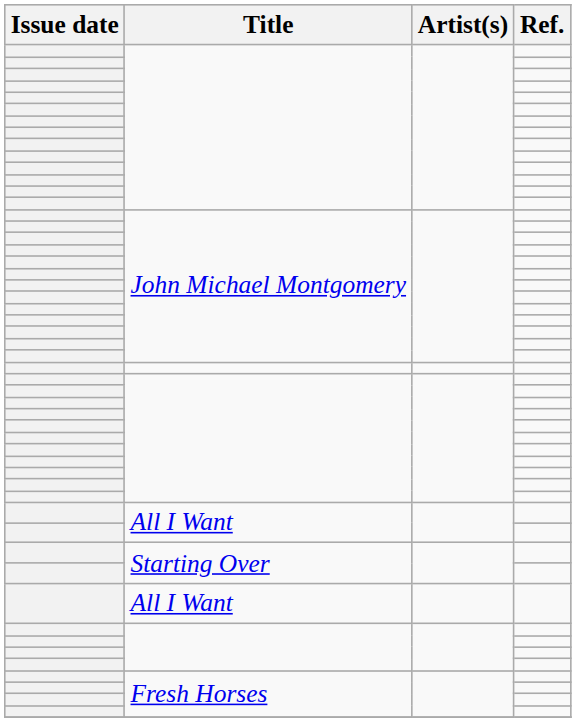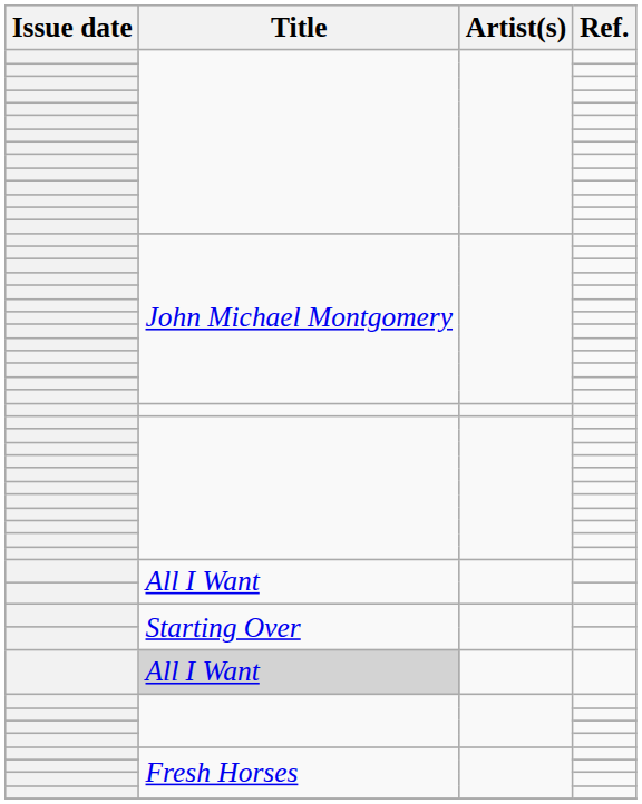 <table class="wikitable sortable plainrowheaders">
 <tr>
 <th scope=col>Issue date</th>
 <th scope=col>Title</th>
 <th scope=col>Artist(s)</th>
 <th scope=col class=unsortable>Ref.</th>
 </tr>
 <tr>
 <th scope=row></th>
 <td rowspan="14"><em></em></td>
 <td rowspan="14"></td>
 <td align=center></td>
 </tr>
 <tr>
 <th scope=row></th>
 <td align=center></td>
 </tr>
 <tr>
 <th scope=row></th>
 <td align=center></td>
 </tr>
 <tr>
 <th scope=row></th>
 <td align=center></td>
 </tr>
 <tr>
 <th scope=row></th>
 <td align=center></td>
 </tr>
 <tr>
 <th scope=row></th>
 <td align=center></td>
 </tr>
 <tr>
 <th scope=row></th>
 <td align=center></td>
 </tr>
 <tr>
 <th scope=row></th>
 <td align=center></td>
 </tr>
 <tr>
 <th scope=row></th>
 <td align=center></td>
 </tr>
 <tr>
 <th scope=row></th>
 <td align=center></td>
 </tr>
 <tr>
 <th scope=row></th>
 <td align=center></td>
 </tr>
 <tr>
 <th scope=row></th>
 <td align=center></td>
 </tr>
 <tr>
 <th scope=row></th>
 <td align=center></td>
 </tr>
 <tr>
 <th scope=row></th>
 <td align=center></td>
 </tr>
 <tr>
 <th scope=row></th>
 <td rowspan="13"><em><a href='#'>John Michael Montgomery</a></em></td>
 <td rowspan="13"></td>
 <td align=center></td>
 </tr>
 <tr>
 <th scope=row></th>
 <td align=center></td>
 </tr>
 <tr>
 <th scope=row></th>
 <td align=center></td>
 </tr>
 <tr>
 <th scope=row></th>
 <td align=center></td>
 </tr>
 <tr>
 <th scope=row></th>
 <td align=center></td>
 </tr>
 <tr>
 <th scope=row></th>
 <td align=center></td>
 </tr>
 <tr>
 <th scope=row></th>
 <td align=center></td>
 </tr>
 <tr>
 <th scope=row></th>
 <td align=center></td>
 </tr>
 <tr>
 <th scope=row></th>
 <td align=center></td>
 </tr>
 <tr>
 <th scope=row></th>
 <td align=center></td>
 </tr>
 <tr>
 <th scope=row></th>
 <td align=center></td>
 </tr>
 <tr>
 <th scope=row></th>
 <td align=center></td>
 </tr>
 <tr>
 <th scope=row></th>
 <td align=center></td>
 </tr>
 <tr>
 <th scope=row></th>
 <td><em></em></td>
 <td></td>
 <td align=center></td>
 </tr>
 <tr>
 <th scope=row></th>
 <td rowspan="11"><em></em></td>
 <td rowspan="11"></td>
 <td align=center></td>
 </tr>
 <tr>
 <th scope=row></th>
 <td align=center></td>
 </tr>
 <tr>
 <th scope=row></th>
 <td align=center></td>
 </tr>
 <tr>
 <th scope=row></th>
 <td align=center></td>
 </tr>
 <tr>
 <th scope=row></th>
 <td align=center></td>
 </tr>
 <tr>
 <th scope=row></th>
 <td align=center></td>
 </tr>
 <tr>
 <th scope=row></th>
 <td align=center></td>
 </tr>
 <tr>
 <th scope=row></th>
 <td align=center></td>
 </tr>
 <tr>
 <th scope=row></th>
 <td align=center></td>
 </tr>
 <tr>
 <th scope=row></th>
 <td align=center></td>
 </tr>
 <tr>
 <th scope=row></th>
 <td align=center></td>
 </tr>
 <tr>
 <th scope=row></th>
 <td rowspan="2"><em><a href='#'>All I Want</a></em></td>
 <td rowspan="2"></td>
 <td align=center></td>
 </tr>
 <tr>
 <th scope=row></th>
 <td align=center></td>
 </tr>
 <tr>
 <th scope=row></th>
 <td rowspan="2"><em><a href='#'>Starting Over</a></em></td>
 <td rowspan="2"></td>
 <td align=center></td>
 </tr>
 <tr>
 <th scope=row></th>
 <td align=center></td>
 </tr>
 <tr>
 <th scope=row></th>
-<td><em><a href='#'>All I Want</a></em></td>
+<td style="background: lightgrey;"><em><a href='#'>All I Want</a></em></td>
 <td></td>
 <td align=center></td>
 </tr>
 <tr>
 <th scope=row></th>
 <td rowspan="4"><em></em></td>
 <td rowspan="4"></td>
 <td align=center></td>
 </tr>
 <tr>
 <th scope=row></th>
 <td align=center></td>
 </tr>
 <tr>
 <th scope=row></th>
 <td align=center></td>
 </tr>
 <tr>
 <th scope=row></th>
 <td align=center></td>
 </tr>
 <tr>
 <th scope=row></th>
 <td rowspan="4"><em><a href='#'>Fresh Horses</a></em></td>
 <td rowspan="4"></td>
 <td align=center></td>
 </tr>
 <tr>
 <th scope=row></th>
 <td align=center></td>
 </tr>
 <tr>
 <th scope=row></th>
 <td align=center></td>
 </tr>
 <tr>
 <th scope=row></th>
 <td align=center></td>
 </tr>
 <tr>
 </tr>
 </table>
